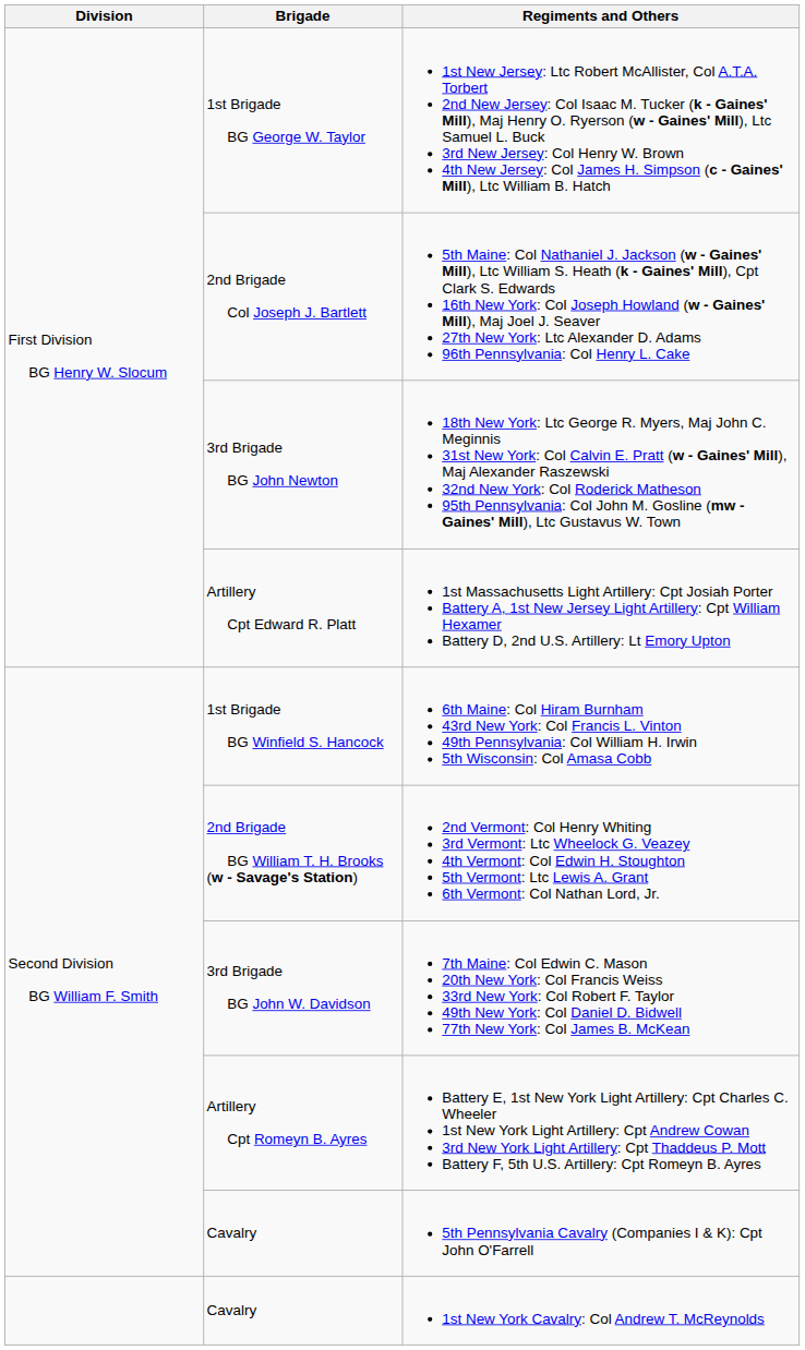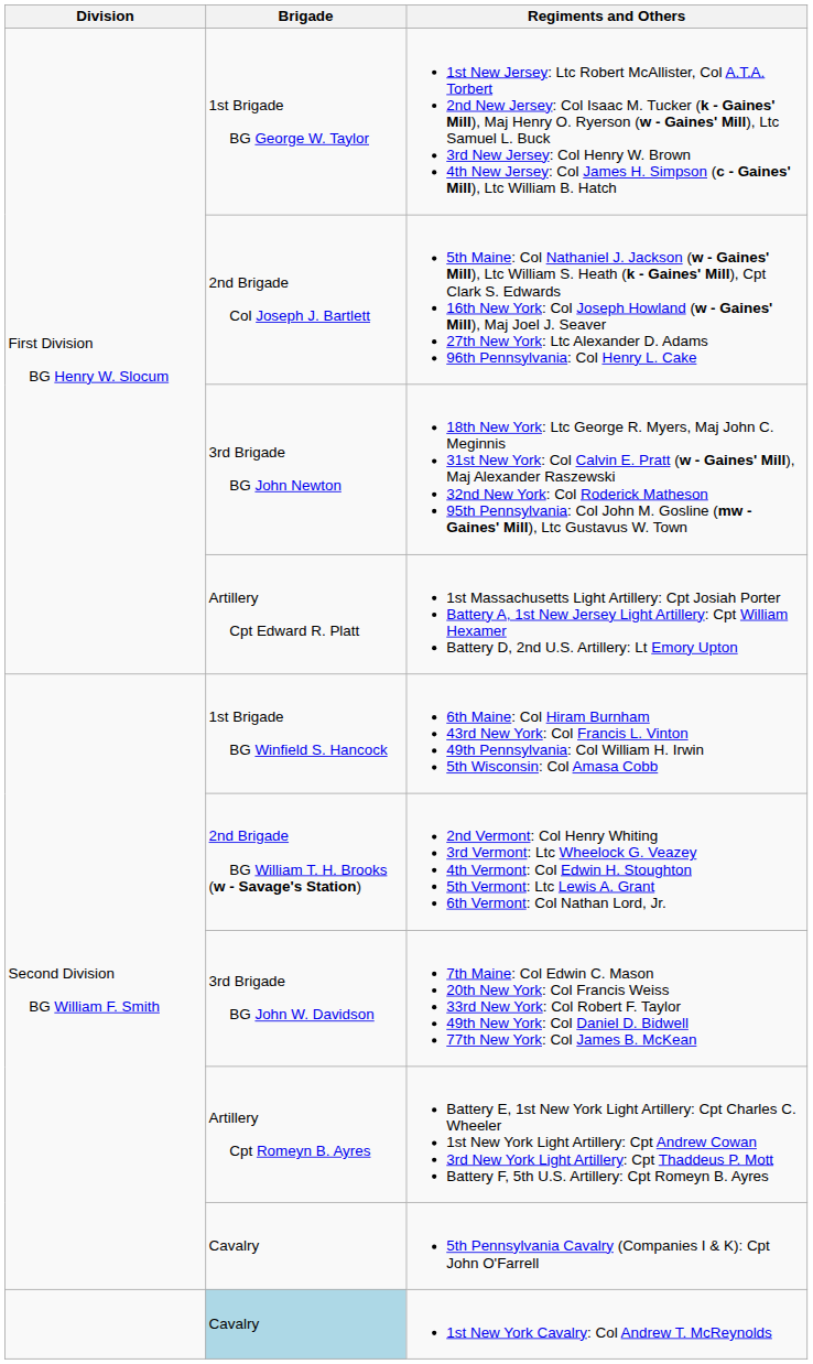 <table class="wikitable">
 <tr>
 <th width=25%>Division</th>
 <th width=25%>Brigade</th>
 <th>Regiments and Others</th>
 </tr>
 <tr>
 <td rowspan=4><br>First Division<br><br>     BG <a href='#'>Henry W. Slocum</a></td>
 <td>1st Brigade<br><br>     BG <a href='#'>George W. Taylor</a></td>
 <td><br><ul><li><a href='#'>1st New Jersey</a>: Ltc Robert McAllister, Col <a href='#'>A.T.A. Torbert</a></li><li><a href='#'>2nd New Jersey</a>: Col Isaac M. Tucker (<strong>k - Gaines' Mill</strong>), Maj Henry O. Ryerson (<strong>w - Gaines' Mill</strong>), Ltc Samuel L. Buck</li><li><a href='#'>3rd New Jersey</a>: Col Henry W. Brown</li><li><a href='#'>4th New Jersey</a>: Col <a href='#'>James H. Simpson</a> (<strong>c - Gaines' Mill</strong>), Ltc William B. Hatch</li></ul></td>
 </tr>
 <tr>
 <td>2nd Brigade<br><br>     Col <a href='#'>Joseph J. Bartlett</a></td>
 <td><br><ul><li><a href='#'>5th Maine</a>: Col <a href='#'>Nathaniel J. Jackson</a> (<strong>w - Gaines' Mill</strong>), Ltc William S. Heath (<strong>k - Gaines' Mill</strong>), Cpt Clark S. Edwards</li><li><a href='#'>16th New York</a>: Col <a href='#'>Joseph Howland</a> (<strong>w - Gaines' Mill</strong>), Maj Joel J. Seaver</li><li><a href='#'>27th New York</a>: Ltc Alexander D. Adams</li><li><a href='#'>96th Pennsylvania</a>: Col <a href='#'>Henry L. Cake</a></li></ul></td>
 </tr>
 <tr>
 <td>3rd Brigade<br><br>     BG <a href='#'>John Newton</a></td>
 <td><br><ul><li><a href='#'>18th New York</a>: Ltc George R. Myers, Maj John C. Meginnis</li><li><a href='#'>31st New York</a>: Col <a href='#'>Calvin E. Pratt</a> (<strong>w - Gaines' Mill</strong>), Maj Alexander Raszewski</li><li><a href='#'>32nd New York</a>: Col <a href='#'>Roderick Matheson</a></li><li><a href='#'>95th Pennsylvania</a>: Col John M. Gosline (<strong>mw - Gaines' Mill</strong>), Ltc Gustavus W. Town</li></ul></td>
 </tr>
 <tr>
 <td>Artillery<br><br>     Cpt Edward R. Platt</td>
 <td><br><ul><li>1st Massachusetts Light Artillery: Cpt Josiah Porter</li><li><a href='#'>Battery A, 1st New Jersey Light Artillery</a>: Cpt <a href='#'>William Hexamer</a></li><li>Battery D, 2nd U.S. Artillery: Lt <a href='#'>Emory Upton</a></li></ul></td>
 </tr>
 <tr>
 <td rowspan=5><br>Second Division<br><br>     BG <a href='#'>William F. Smith</a></td>
 <td>1st Brigade<br><br>     BG <a href='#'>Winfield S. Hancock</a></td>
 <td><br><ul><li><a href='#'>6th Maine</a>: Col <a href='#'>Hiram Burnham</a></li><li><a href='#'>43rd New York</a>: Col <a href='#'>Francis L. Vinton</a></li><li><a href='#'>49th Pennsylvania</a>: Col William H. Irwin</li><li><a href='#'>5th Wisconsin</a>: Col <a href='#'>Amasa Cobb</a></li></ul></td>
 </tr>
 <tr>
 <td><a href='#'>2nd Brigade</a><br><br>     BG <a href='#'>William T. H. Brooks</a> (<strong>w - Savage's Station</strong>)</td>
 <td><br><ul><li><a href='#'>2nd Vermont</a>: Col Henry Whiting</li><li><a href='#'>3rd Vermont</a>: Ltc <a href='#'>Wheelock G. Veazey</a></li><li><a href='#'>4th Vermont</a>: Col <a href='#'>Edwin H. Stoughton</a></li><li><a href='#'>5th Vermont</a>: Ltc <a href='#'>Lewis A. Grant</a></li><li><a href='#'>6th Vermont</a>: Col Nathan Lord, Jr.</li></ul></td>
 </tr>
 <tr>
 <td>3rd Brigade<br><br>     BG <a href='#'>John W. Davidson</a></td>
 <td><br><ul><li><a href='#'>7th Maine</a>: Col Edwin C. Mason</li><li><a href='#'>20th New York</a>: Col Francis Weiss</li><li><a href='#'>33rd New York</a>: Col Robert F. Taylor</li><li><a href='#'>49th New York</a>: Col <a href='#'>Daniel D. Bidwell</a></li><li><a href='#'>77th New York</a>: Col <a href='#'>James B. McKean</a></li></ul></td>
 </tr>
 <tr>
 <td>Artillery<br><br>     Cpt <a href='#'>Romeyn B. Ayres</a></td>
 <td><br><ul><li>Battery E, 1st New York Light Artillery: Cpt Charles C. Wheeler</li><li>1st New York Light Artillery: Cpt <a href='#'>Andrew Cowan</a></li><li><a href='#'>3rd New York Light Artillery</a>: Cpt <a href='#'>Thaddeus P. Mott</a></li><li>Battery F, 5th U.S. Artillery: Cpt Romeyn B. Ayres</li></ul></td>
 </tr>
 <tr>
 <td>Cavalry</td>
 <td><br><ul><li><a href='#'>5th Pennsylvania Cavalry</a> (Companies I & K): Cpt John O'Farrell</li></ul></td>
 </tr>
 <tr>
 <td></td>
-<td>Cavalry</td>
+<td style="background: lightblue;">Cavalry</td>
 <td><br><ul><li><a href='#'>1st New York Cavalry</a>: Col <a href='#'>Andrew T. McReynolds</a></li></ul></td>
 </tr>
 </table>
